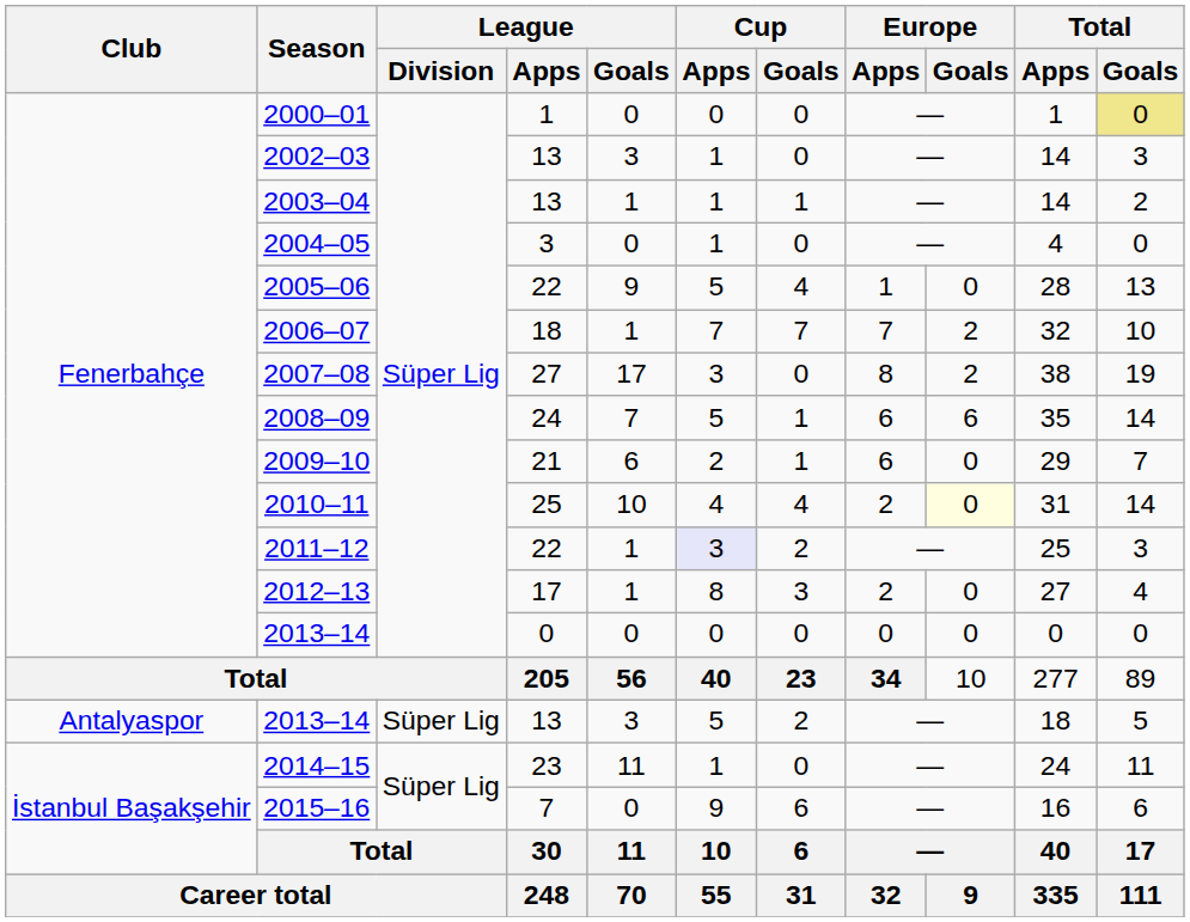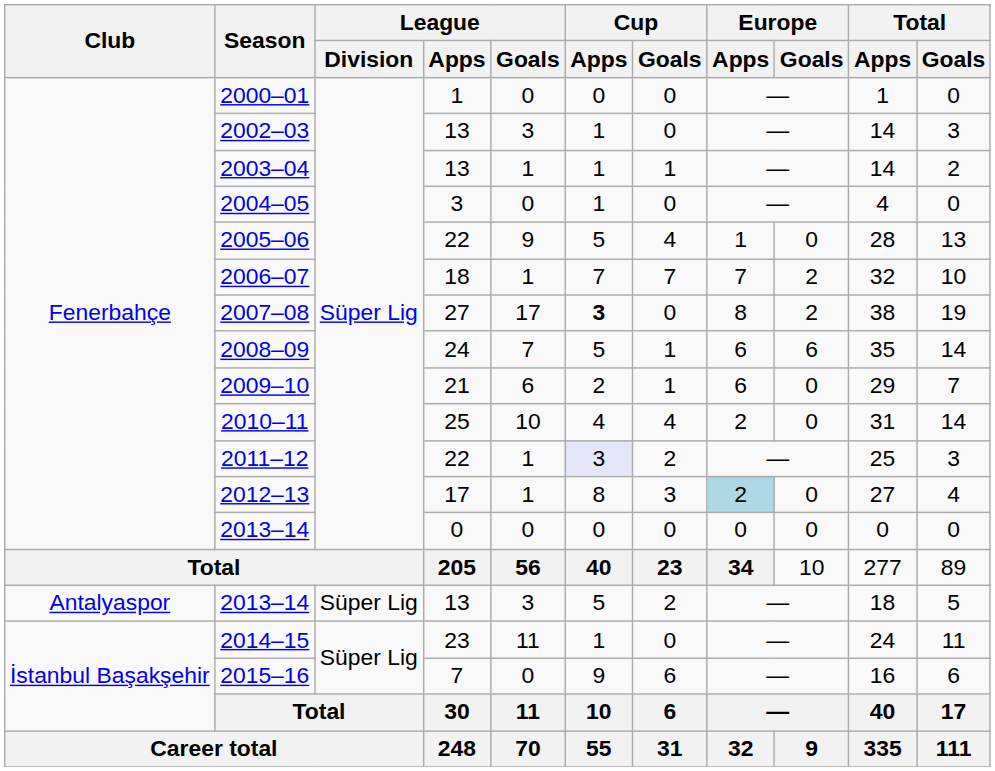 <table class="wikitable" style="text-align: center;">
 <tr>
 <th rowspan="2">Club</th>
 <th rowspan="2">Season</th>
 <th colspan="3">League</th>
 <th colspan="2">Cup</th>
 <th colspan="2">Europe</th>
 <th colspan="2">Total</th>
 </tr>
 <tr>
 <th>Division</th>
 <th>Apps</th>
 <th>Goals</th>
 <th>Apps</th>
 <th>Goals</th>
 <th>Apps</th>
 <th>Goals</th>
 <th>Apps</th>
 <th>Goals</th>
 </tr>
 <tr>
 <td rowspan="13"><a href='#'>Fenerbahçe</a></td>
 <td><a href='#'>2000–01</a></td>
 <td rowspan="13"><a href='#'>Süper Lig</a></td>
 <td>1</td>
 <td>0</td>
 <td>0</td>
 <td>0</td>
 <td colspan="2">—</td>
 <td>1</td>
-<td style="background: khaki;">0</td>
+<td>0</td>
 </tr>
 <tr>
 <td><a href='#'>2002–03</a></td>
 <td>13</td>
 <td>3</td>
 <td>1</td>
 <td>0</td>
 <td colspan="2">—</td>
 <td>14</td>
 <td>3</td>
 </tr>
 <tr>
 <td><a href='#'>2003–04</a></td>
 <td>13</td>
 <td>1</td>
 <td>1</td>
 <td>1</td>
 <td colspan="2">—</td>
 <td>14</td>
 <td>2</td>
 </tr>
 <tr>
 <td><a href='#'>2004–05</a></td>
 <td>3</td>
 <td>0</td>
 <td>1</td>
 <td>0</td>
 <td colspan="2">—</td>
 <td>4</td>
 <td>0</td>
 </tr>
 <tr>
 <td><a href='#'>2005–06</a></td>
 <td>22</td>
 <td>9</td>
 <td>5</td>
 <td>4</td>
 <td>1</td>
 <td>0</td>
 <td>28</td>
 <td>13</td>
 </tr>
 <tr>
 <td><a href='#'>2006–07</a></td>
 <td>18</td>
 <td>1</td>
 <td>7</td>
 <td>7</td>
 <td>7</td>
 <td>2</td>
 <td>32</td>
 <td>10</td>
 </tr>
 <tr>
 <td><a href='#'>2007–08</a></td>
 <td>27</td>
 <td>17</td>
-<td>3</td>
+<td><strong>3</strong></td>
 <td>0</td>
 <td>8</td>
 <td>2</td>
 <td>38</td>
 <td>19</td>
 </tr>
 <tr>
 <td><a href='#'>2008–09</a></td>
 <td>24</td>
 <td>7</td>
 <td>5</td>
 <td>1</td>
 <td>6</td>
 <td>6</td>
 <td>35</td>
 <td>14</td>
 </tr>
 <tr>
 <td><a href='#'>2009–10</a></td>
 <td>21</td>
 <td>6</td>
 <td>2</td>
 <td>1</td>
 <td>6</td>
 <td>0</td>
 <td>29</td>
 <td>7</td>
 </tr>
 <tr>
 <td><a href='#'>2010–11</a></td>
 <td>25</td>
 <td>10</td>
 <td>4</td>
 <td>4</td>
 <td>2</td>
-<td style="background: lightyellow;">0</td>
+<td>0</td>
 <td>31</td>
 <td>14</td>
 </tr>
 <tr>
 <td><a href='#'>2011–12</a></td>
 <td>22</td>
 <td>1</td>
 <td style="background: lavender;">3</td>
 <td>2</td>
 <td colspan="2">—</td>
 <td>25</td>
 <td>3</td>
 </tr>
 <tr>
 <td><a href='#'>2012–13</a></td>
 <td>17</td>
 <td>1</td>
 <td>8</td>
 <td>3</td>
-<td>2</td>
+<td style="background: lightblue;">2</td>
 <td>0</td>
 <td>27</td>
 <td>4</td>
 </tr>
 <tr>
 <td><a href='#'>2013–14</a></td>
 <td>0</td>
 <td>0</td>
 <td>0</td>
 <td>0</td>
 <td>0</td>
 <td>0</td>
 <td>0</td>
 <td>0</td>
 </tr>
 <tr>
 <th colspan="3">Total</th>
 <th>205</th>
 <th>56</th>
 <th>40</th>
 <th>23</th>
 <th>34</th>
 <td>10</td>
 <td>277</td>
 <td>89</td>
 </tr>
 <tr>
 <td><a href='#'>Antalyaspor</a></td>
 <td><a href='#'>2013–14</a></td>
 <td>Süper Lig</td>
 <td>13</td>
 <td>3</td>
 <td>5</td>
 <td>2</td>
 <td colspan="2">—</td>
 <td>18</td>
 <td>5</td>
 </tr>
 <tr>
 <td rowspan="3"><a href='#'>İstanbul Başakşehir</a></td>
 <td><a href='#'>2014–15</a></td>
 <td rowspan="2">Süper Lig</td>
 <td>23</td>
 <td>11</td>
 <td>1</td>
 <td>0</td>
 <td colspan="2">—</td>
 <td>24</td>
 <td>11</td>
 </tr>
 <tr>
 <td><a href='#'>2015–16</a></td>
 <td>7</td>
 <td>0</td>
 <td>9</td>
 <td>6</td>
 <td colspan="2">—</td>
 <td>16</td>
 <td>6</td>
 </tr>
 <tr>
 <th colspan="2">Total</th>
 <th>30</th>
 <th>11</th>
 <th>10</th>
 <th>6</th>
 <th colspan="2">—</th>
 <th>40</th>
 <th>17</th>
 </tr>
 <tr>
 <th colspan="3">Career total</th>
 <th>248</th>
 <th>70</th>
 <th>55</th>
 <th>31</th>
 <th>32</th>
 <th>9</th>
 <th>335</th>
 <th>111</th>
 </tr>
 </table>
